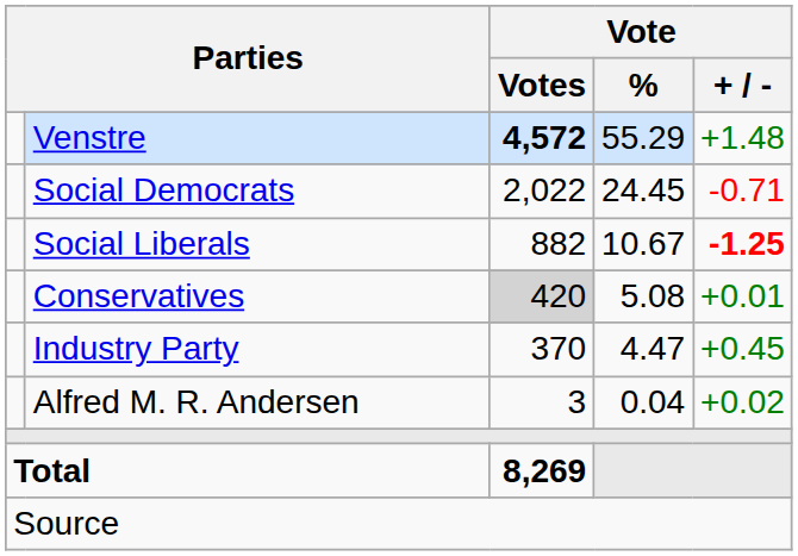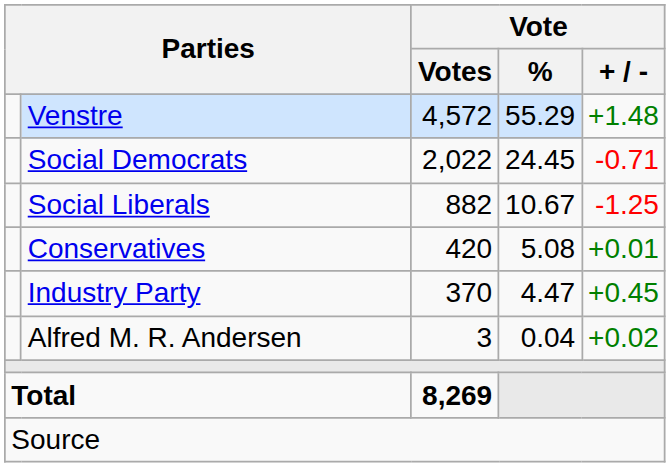 <table class="wikitable" style="text-align:right;">
 <tr>
 <th style="text-align:centre;" rowspan="2" colspan="2" width="225">Parties</th>
 <th colspan="3">Vote</th>
 </tr>
 <tr>
 <th width="15">Votes</th>
 <th width="15">%</th>
 <th width="15">+ / -</th>
 </tr>
 <tr>
 <td width="2" style="color:inherit;background:"></td>
 <td bgcolor=#cfe5fe  align="left"><a href='#'>Venstre</a></td>
-<td bgcolor=#cfe5fe><strong>4,572</strong></td>
+<td bgcolor=#cfe5fe>4,572</td>
 <td bgcolor=#cfe5fe>55.29</td>
 <td style=color:green;>+1.48</td>
 </tr>
 <tr>
 <td width="2" style="color:inherit;background:"></td>
 <td align="left"><a href='#'>Social Democrats</a></td>
 <td>2,022</td>
 <td>24.45</td>
 <td style=color:red;>-0.71</td>
 </tr>
 <tr>
 <td width="2" style="color:inherit;background:"></td>
 <td align="left"><a href='#'>Social Liberals</a></td>
 <td>882</td>
 <td>10.67</td>
-<td style=color:red;><strong>-1.25</strong></td>
+<td style=color:red;>-1.25</td>
 </tr>
 <tr>
 <td width="2" style="color:inherit;background:"></td>
 <td align="left"><a href='#'>Conservatives</a></td>
-<td style="background: lightgrey;">420</td>
+<td>420</td>
 <td>5.08</td>
 <td style=color:green;>+0.01</td>
 </tr>
 <tr>
 <td width="2" style="color:inherit;background:"></td>
 <td align="left"><a href='#'>Industry Party</a></td>
 <td>370</td>
 <td>4.47</td>
 <td style=color:green;>+0.45</td>
 </tr>
 <tr>
 <td width="2" style="color:inherit;background:"></td>
 <td align="left">Alfred M. R. Andersen</td>
 <td>3</td>
 <td>0.04</td>
 <td style=color:green;>+0.02</td>
 </tr>
 <tr>
 <td colspan="7" bgcolor="#E9E9E9"></td>
 </tr>
 <tr>
 <td align="left" colspan="2"><strong>Total</strong></td>
 <td><strong>8,269</strong></td>
 <td bgcolor="#E9E9E9" colspan="2"></td>
 </tr>
 <tr>
 <td align="left" colspan="6">Source</td>
 </tr>
 </table>
